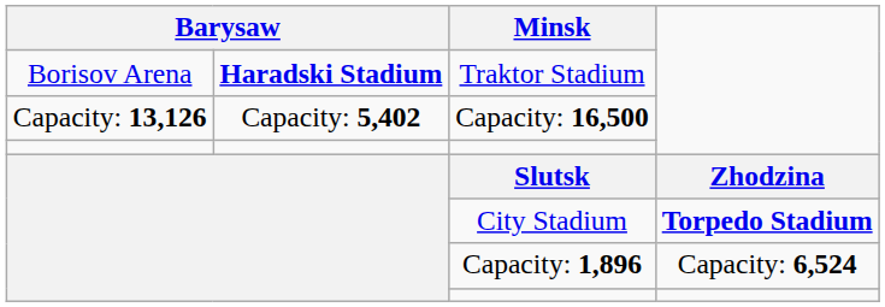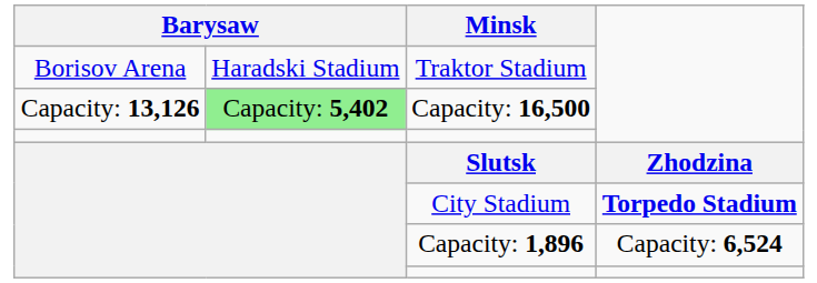 <table class="wikitable" style="margin: 1em auto; text-align:center;">
 <tr>
 <th colspan=2><a href='#'>Barysaw</a></th>
 <th><a href='#'>Minsk</a></th>
 </tr>
 <tr>
 <td><a href='#'>Borisov Arena</a></td>
-<td><strong><a href='#'>Haradski Stadium</a></strong></td>
+<td><a href='#'>Haradski Stadium</a></td>
 <td><a href='#'>Traktor Stadium</a></td>
 </tr>
 <tr>
 <td>Capacity: <strong>13,126</strong></td>
-<td>Capacity: <strong>5,402</strong></td>
+<td style="background: lightgreen;">Capacity: <strong>5,402</strong></td>
 <td>Capacity: <strong>16,500</strong></td>
 </tr>
 <tr>
 <td></td>
 <td></td>
 <td></td>
 </tr>
 <tr>
 <th colspan=2 rowspan=7><br></th>
 <th><a href='#'>Slutsk</a></th>
 <th><a href='#'>Zhodzina</a></th>
 </tr>
 <tr>
 <td><a href='#'>City Stadium</a></td>
 <td><strong><a href='#'>Torpedo Stadium</a></strong></td>
 </tr>
 <tr>
 <td>Capacity: <strong>1,896</strong></td>
 <td>Capacity: <strong>6,524</strong></td>
 </tr>
 <tr>
 <td></td>
 <td></td>
 </tr>
 </table>
